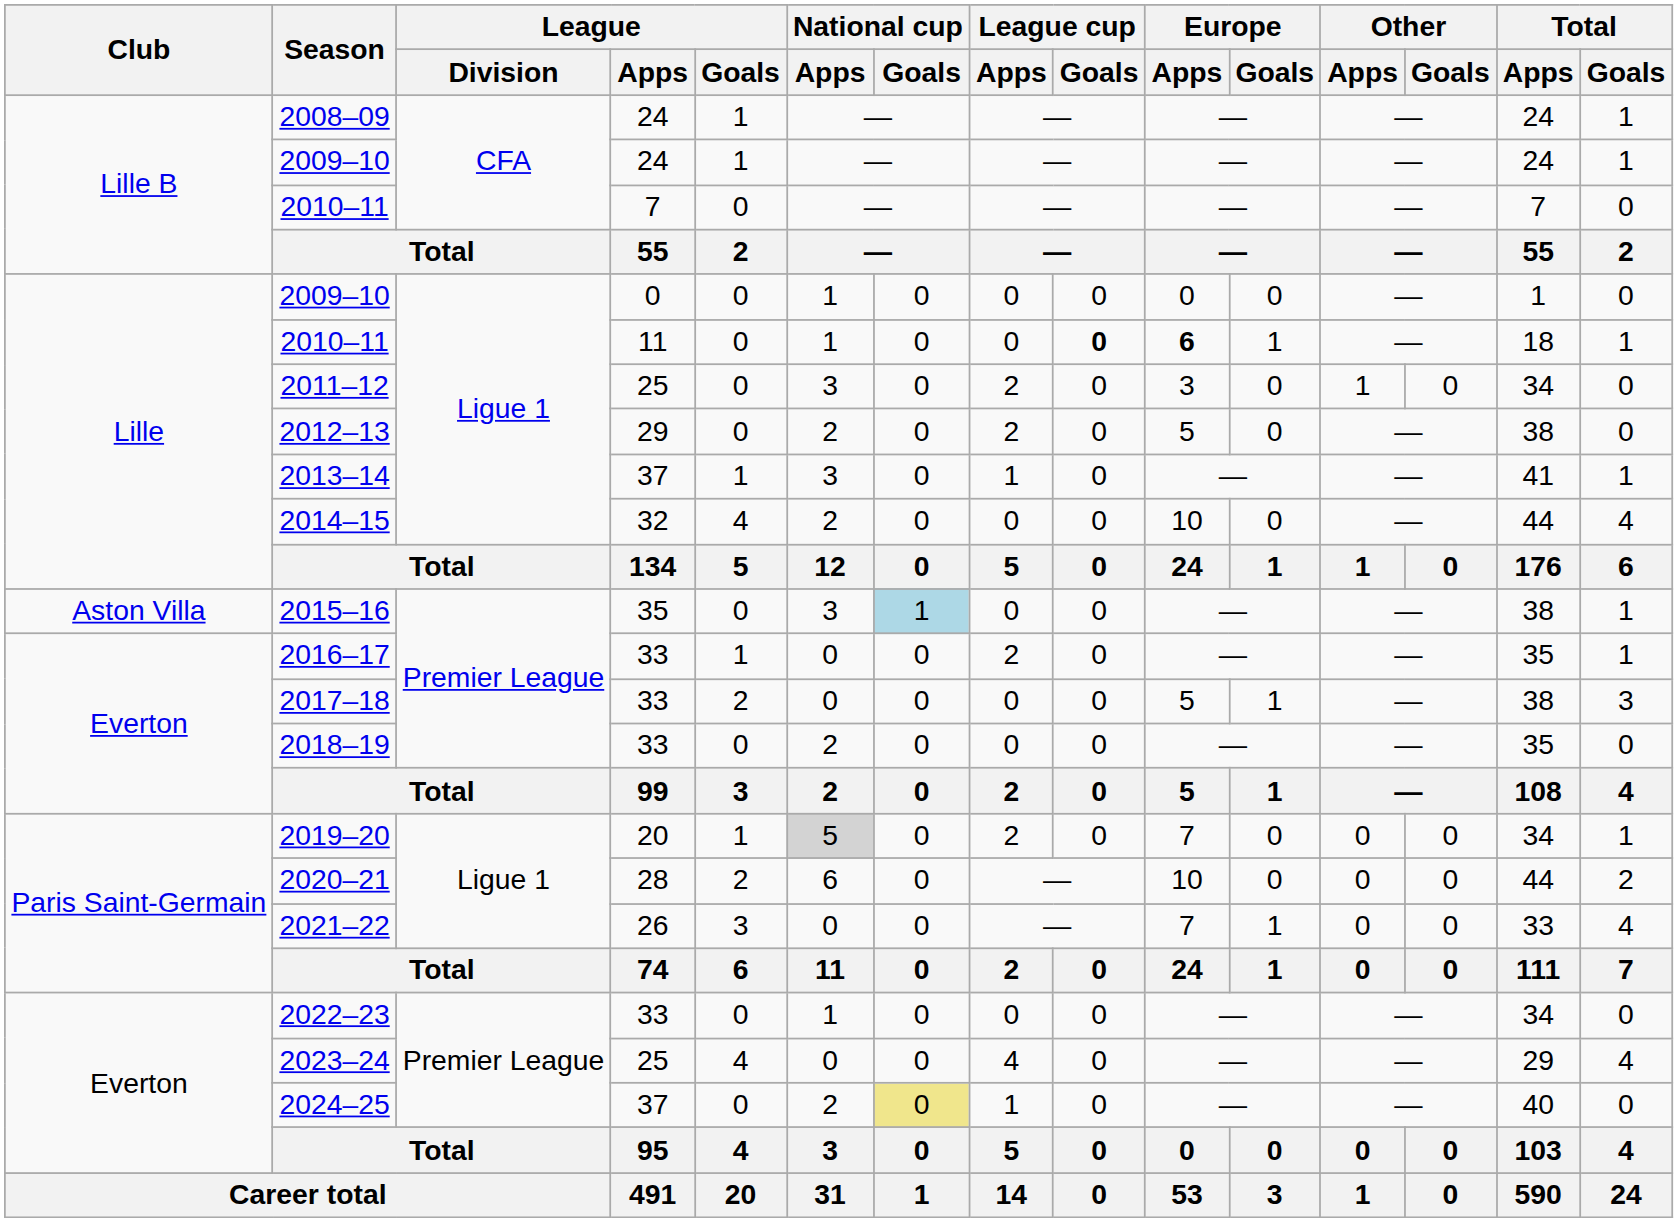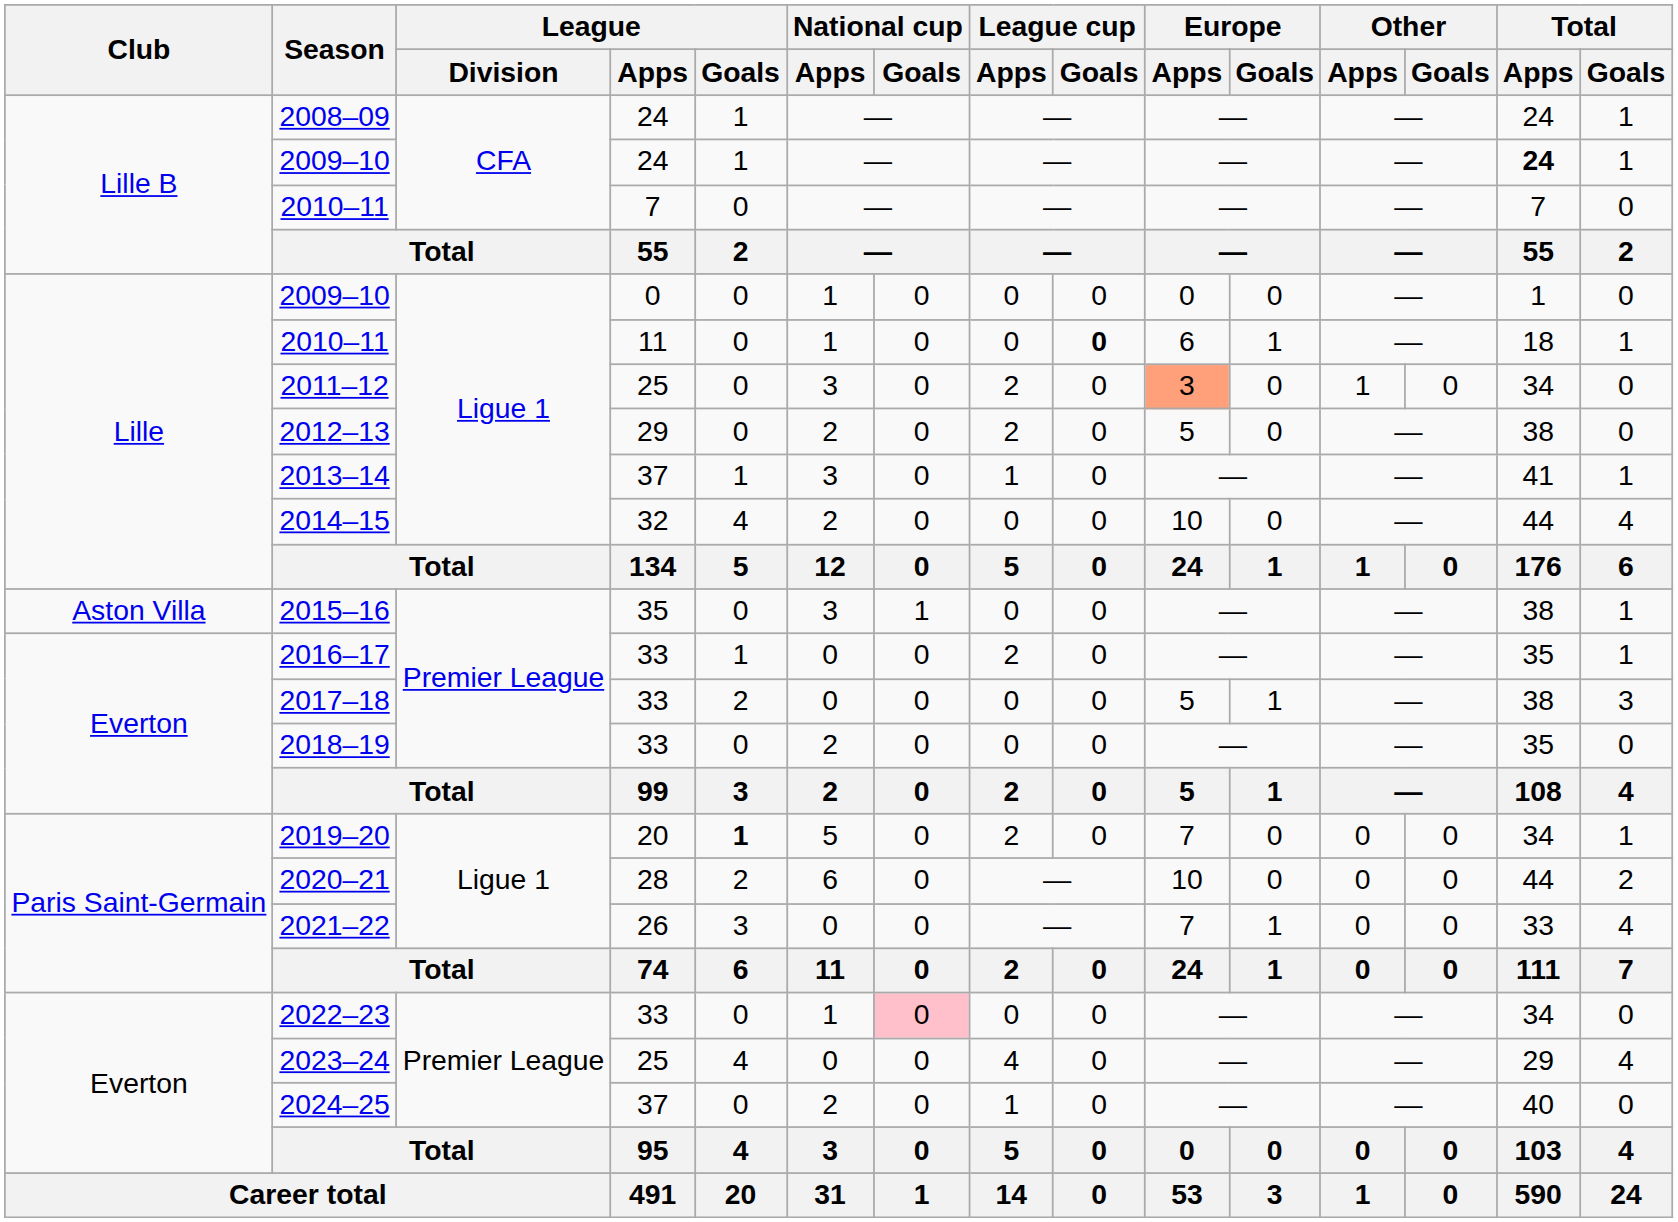 <table class="wikitable" style="text-align: center;">
 <tr>
 <th rowspan="2">Club</th>
 <th rowspan="2">Season</th>
 <th colspan="3">League</th>
 <th colspan="2">National cup</th>
 <th colspan="2">League cup</th>
 <th colspan="2">Europe</th>
 <th colspan="2">Other</th>
 <th colspan="2">Total</th>
 </tr>
 <tr>
 <th>Division</th>
 <th>Apps</th>
 <th>Goals</th>
 <th>Apps</th>
 <th>Goals</th>
 <th>Apps</th>
 <th>Goals</th>
 <th>Apps</th>
 <th>Goals</th>
 <th>Apps</th>
 <th>Goals</th>
 <th>Apps</th>
 <th>Goals</th>
 </tr>
 <tr>
 <td rowspan="4"><a href='#'>Lille B</a></td>
 <td><a href='#'>2008–09</a></td>
 <td rowspan="3"><a href='#'>CFA</a></td>
 <td>24</td>
 <td>1</td>
 <td colspan="2">—</td>
 <td colspan="2">—</td>
 <td colspan="2">—</td>
 <td colspan="2">—</td>
 <td>24</td>
 <td>1</td>
 </tr>
 <tr>
 <td><a href='#'>2009–10</a></td>
 <td>24</td>
 <td>1</td>
 <td colspan="2">—</td>
 <td colspan="2">—</td>
 <td colspan="2">—</td>
 <td colspan="2">—</td>
-<td>24</td>
+<td><strong>24</strong></td>
 <td>1</td>
 </tr>
 <tr>
 <td><a href='#'>2010–11</a></td>
 <td>7</td>
 <td>0</td>
 <td colspan="2">—</td>
 <td colspan="2">—</td>
 <td colspan="2">—</td>
 <td colspan="2">—</td>
 <td>7</td>
 <td>0</td>
 </tr>
 <tr>
 <th colspan="2">Total</th>
 <th>55</th>
 <th>2</th>
 <th colspan="2">—</th>
 <th colspan="2">—</th>
 <th colspan="2">—</th>
 <th colspan="2">—</th>
 <th>55</th>
 <th>2</th>
 </tr>
 <tr>
 <td rowspan="7"><a href='#'>Lille</a></td>
 <td><a href='#'>2009–10</a></td>
 <td rowspan="6"><a href='#'>Ligue 1</a></td>
 <td>0</td>
 <td>0</td>
 <td>1</td>
 <td>0</td>
 <td>0</td>
 <td>0</td>
 <td>0</td>
 <td>0</td>
 <td colspan="2">—</td>
 <td>1</td>
 <td>0</td>
 </tr>
 <tr>
 <td><a href='#'>2010–11</a></td>
 <td>11</td>
 <td>0</td>
 <td>1</td>
 <td>0</td>
 <td>0</td>
 <td><strong>0</strong></td>
-<td><strong>6</strong></td>
+<td>6</td>
 <td>1</td>
 <td colspan="2">—</td>
 <td>18</td>
 <td>1</td>
 </tr>
 <tr>
 <td><a href='#'>2011–12</a></td>
 <td>25</td>
 <td>0</td>
 <td>3</td>
 <td>0</td>
 <td>2</td>
 <td>0</td>
-<td>3</td>
+<td style="background: lightsalmon;">3</td>
 <td>0</td>
 <td>1</td>
 <td>0</td>
 <td>34</td>
 <td>0</td>
 </tr>
 <tr>
 <td><a href='#'>2012–13</a></td>
 <td>29</td>
 <td>0</td>
 <td>2</td>
 <td>0</td>
 <td>2</td>
 <td>0</td>
 <td>5</td>
 <td>0</td>
 <td colspan="2">—</td>
 <td>38</td>
 <td>0</td>
 </tr>
 <tr>
 <td><a href='#'>2013–14</a></td>
 <td>37</td>
 <td>1</td>
 <td>3</td>
 <td>0</td>
 <td>1</td>
 <td>0</td>
 <td colspan="2">—</td>
 <td colspan="2">—</td>
 <td>41</td>
 <td>1</td>
 </tr>
 <tr>
 <td><a href='#'>2014–15</a></td>
 <td>32</td>
 <td>4</td>
 <td>2</td>
 <td>0</td>
 <td>0</td>
 <td>0</td>
 <td>10</td>
 <td>0</td>
 <td colspan="2">—</td>
 <td>44</td>
 <td>4</td>
 </tr>
 <tr>
 <th colspan="2">Total</th>
 <th>134</th>
 <th>5</th>
 <th>12</th>
 <th>0</th>
 <th>5</th>
 <th>0</th>
 <th>24</th>
 <th>1</th>
 <th>1</th>
 <th>0</th>
 <th>176</th>
 <th>6</th>
 </tr>
 <tr>
 <td><a href='#'>Aston Villa</a></td>
 <td><a href='#'>2015–16</a></td>
 <td rowspan="4"><a href='#'>Premier League</a></td>
 <td>35</td>
 <td>0</td>
 <td>3</td>
-<td style="background: lightblue;">1</td>
+<td>1</td>
 <td>0</td>
 <td>0</td>
 <td colspan="2">—</td>
 <td colspan="2">—</td>
 <td>38</td>
 <td>1</td>
 </tr>
 <tr>
 <td rowspan="4"><a href='#'>Everton</a></td>
 <td><a href='#'>2016–17</a></td>
 <td>33</td>
 <td>1</td>
 <td>0</td>
 <td>0</td>
 <td>2</td>
 <td>0</td>
 <td colspan="2">—</td>
 <td colspan="2">—</td>
 <td>35</td>
 <td>1</td>
 </tr>
 <tr>
 <td><a href='#'>2017–18</a></td>
 <td>33</td>
 <td>2</td>
 <td>0</td>
 <td>0</td>
 <td>0</td>
 <td>0</td>
 <td>5</td>
 <td>1</td>
 <td colspan="2">—</td>
 <td>38</td>
 <td>3</td>
 </tr>
 <tr>
 <td><a href='#'>2018–19</a></td>
 <td>33</td>
 <td>0</td>
 <td>2</td>
 <td>0</td>
 <td>0</td>
 <td>0</td>
 <td colspan="2">—</td>
 <td colspan="2">—</td>
 <td>35</td>
 <td>0</td>
 </tr>
 <tr>
 <th colspan="2">Total</th>
 <th>99</th>
 <th>3</th>
 <th>2</th>
 <th>0</th>
 <th>2</th>
 <th>0</th>
 <th>5</th>
 <th>1</th>
 <th colspan="2">—</th>
 <th>108</th>
 <th>4</th>
 </tr>
 <tr>
 <td rowspan="4"><a href='#'>Paris Saint-Germain</a></td>
 <td><a href='#'>2019–20</a></td>
 <td rowspan="3">Ligue 1</td>
 <td>20</td>
-<td>1</td>
-<td style="background: lightgrey;">5</td>
+<td><strong>1</strong></td>
+<td>5</td>
 <td>0</td>
 <td>2</td>
 <td>0</td>
 <td>7</td>
 <td>0</td>
 <td>0</td>
 <td>0</td>
 <td>34</td>
 <td>1</td>
 </tr>
 <tr>
 <td><a href='#'>2020–21</a></td>
 <td>28</td>
 <td>2</td>
 <td>6</td>
 <td>0</td>
 <td colspan="2">—</td>
 <td>10</td>
 <td>0</td>
 <td>0</td>
 <td>0</td>
 <td>44</td>
 <td>2</td>
 </tr>
 <tr>
 <td><a href='#'>2021–22</a></td>
 <td>26</td>
 <td>3</td>
 <td>0</td>
 <td>0</td>
 <td colspan="2">—</td>
 <td>7</td>
 <td>1</td>
 <td>0</td>
 <td>0</td>
 <td>33</td>
 <td>4</td>
 </tr>
 <tr>
 <th colspan="2">Total</th>
 <th>74</th>
 <th>6</th>
 <th>11</th>
 <th>0</th>
 <th>2</th>
 <th>0</th>
 <th>24</th>
 <th>1</th>
 <th>0</th>
 <th>0</th>
 <th>111</th>
 <th>7</th>
 </tr>
 <tr>
 <td rowspan="4">Everton</td>
 <td><a href='#'>2022–23</a></td>
 <td rowspan="3">Premier League</td>
 <td>33</td>
 <td>0</td>
 <td>1</td>
-<td>0</td>
+<td style="background: pink;">0</td>
 <td>0</td>
 <td>0</td>
 <td colspan="2">—</td>
 <td colspan="2">—</td>
 <td>34</td>
 <td>0</td>
 </tr>
 <tr>
 <td><a href='#'>2023–24</a></td>
 <td>25</td>
 <td>4</td>
 <td>0</td>
 <td>0</td>
 <td>4</td>
 <td>0</td>
 <td colspan="2">—</td>
 <td colspan="2">—</td>
 <td>29</td>
 <td>4</td>
 </tr>
 <tr>
 <td><a href='#'>2024–25</a></td>
 <td>37</td>
 <td>0</td>
 <td>2</td>
-<td style="background: khaki;">0</td>
+<td>0</td>
 <td>1</td>
 <td>0</td>
 <td colspan="2">—</td>
 <td colspan="2">—</td>
 <td>40</td>
 <td>0</td>
 </tr>
 <tr>
 <th colspan="2">Total</th>
 <th>95</th>
 <th>4</th>
 <th>3</th>
 <th>0</th>
 <th>5</th>
 <th>0</th>
 <th>0</th>
 <th>0</th>
 <th>0</th>
 <th>0</th>
 <th>103</th>
 <th>4</th>
 </tr>
 <tr>
 <th colspan="3">Career total</th>
 <th>491</th>
 <th>20</th>
 <th>31</th>
 <th>1</th>
 <th>14</th>
 <th>0</th>
 <th>53</th>
 <th>3</th>
 <th>1</th>
 <th>0</th>
 <th>590</th>
 <th>24</th>
 </tr>
 </table>
